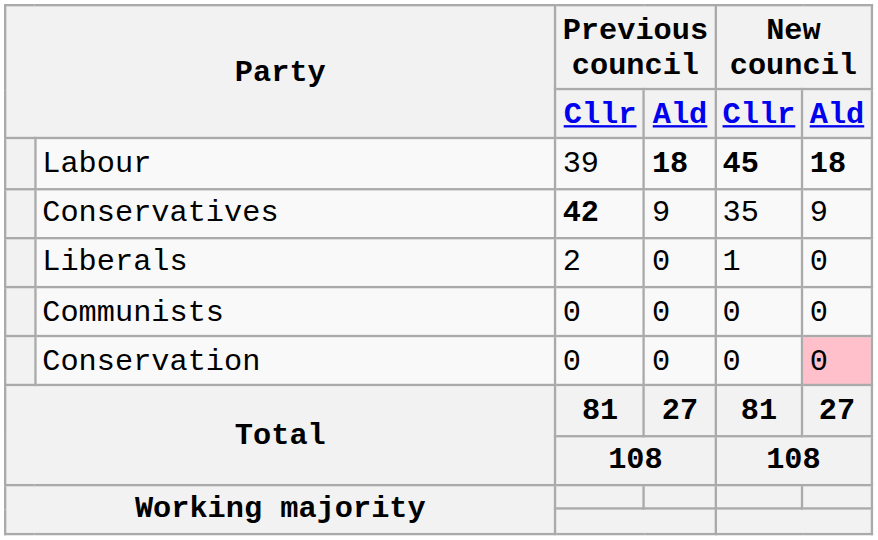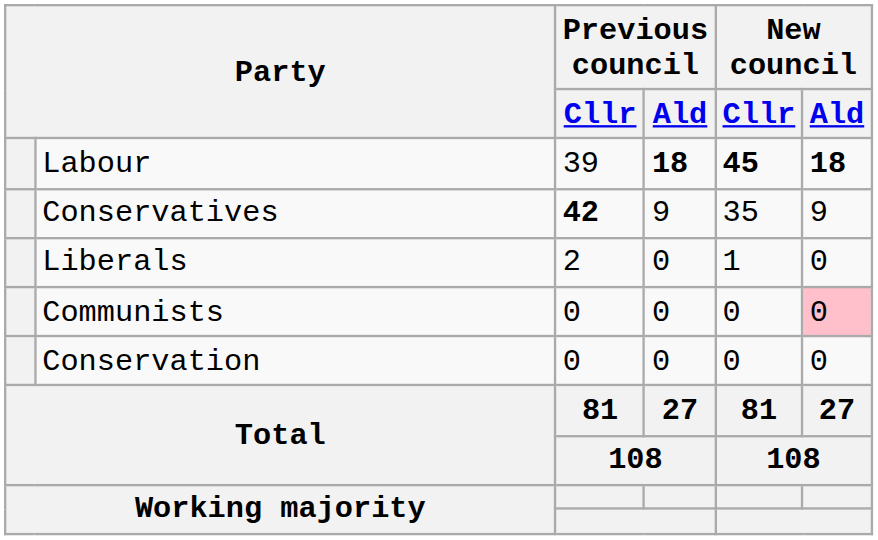 <table class="wikitable">
 <tr>
 <th colspan="2" rowspan="2" style="width: 230px">Party</th>
 <th valign=top colspan="2" style="width: 30px">Previous council</th>
 <th valign=top colspan="2" style="width: 30px">New council</th>
 </tr>
 <tr>
 <th><a href='#'>Cllr</a></th>
 <th><a href='#'>Ald</a></th>
 <th><a href='#'>Cllr</a></th>
 <th><a href='#'>Ald</a></th>
 </tr>
 <tr>
 <th style="background-color: "></th>
 <td>Labour</td>
 <td>39</td>
 <td><strong>18</strong></td>
 <td><strong>45</strong></td>
 <td><strong>18</strong></td>
 </tr>
 <tr>
 <th style="background-color: "></th>
 <td>Conservatives</td>
 <td><strong>42</strong></td>
 <td>9</td>
 <td>35</td>
 <td>9</td>
 </tr>
 <tr>
 <th style="background-color: "></th>
 <td>Liberals</td>
 <td>2</td>
 <td>0</td>
 <td>1</td>
 <td>0</td>
 </tr>
 <tr>
 <th style="background-color: "></th>
 <td>Communists</td>
 <td>0</td>
 <td>0</td>
 <td>0</td>
-<td>0</td>
+<td style="background: pink;">0</td>
 </tr>
 <tr>
 <th style="background-color: "></th>
 <td>Conservation</td>
 <td>0</td>
 <td>0</td>
 <td>0</td>
-<td style="background: pink;">0</td>
+<td>0</td>
 </tr>
 <tr>
 <th colspan="2" rowspan="2">Total</th>
 <th style="text-align: center">81</th>
 <th style="text-align: center">27</th>
 <th style="text-align: center">81</th>
 <th style="text-align: center">27</th>
 </tr>
 <tr>
 <th colspan="2" style="text-align: center">108</th>
 <th colspan="2" style="text-align: center">108</th>
 </tr>
 <tr>
 <th colspan="2" rowspan="2">Working majority</th>
 <th></th>
 <th></th>
 <th></th>
 <th></th>
 </tr>
 <tr>
 <th colspan="2"></th>
 <th colspan="2"></th>
 </tr>
 </table>
